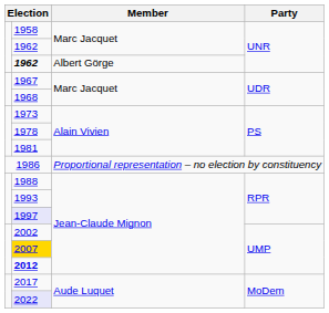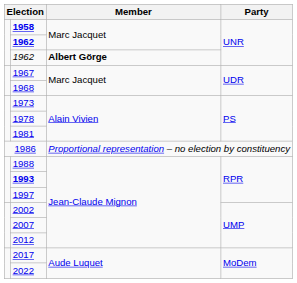 <table class="wikitable">
 <tr>
 <th colspan="2">Election</th>
 <th>Member</th>
 <th>Party</th>
 </tr>
 <tr>
 <td rowspan="3" style="color:inherit;background-color: "></td>
-<td><a href='#'>1958</a></td>
+<td><strong><a href='#'>1958</a></strong></td>
 <td rowspan="2">Marc Jacquet</td>
 <td rowspan="3"><a href='#'>UNR</a></td>
 </tr>
 <tr>
-<td><a href='#'>1962</a></td>
+<td><strong><a href='#'>1962</a></strong></td>
 </tr>
 <tr>
-<td><strong><em>1962</em></strong></td>
-<td>Albert Görge</td>
+<td><em>1962</em></td>
+<td><strong>Albert Görge</strong></td>
 </tr>
 <tr>
 <td rowspan="2" style="color:inherit;background-color: "></td>
 <td><a href='#'>1967</a></td>
 <td rowspan="2">Marc Jacquet</td>
 <td rowspan="2"><a href='#'>UDR</a></td>
 </tr>
 <tr>
 <td><a href='#'>1968</a></td>
 </tr>
 <tr>
 <td rowspan="3" style="color:inherit;background-color: "></td>
 <td><a href='#'>1973</a></td>
 <td rowspan="3"><a href='#'>Alain Vivien</a></td>
 <td rowspan="3"><a href='#'>PS</a></td>
 </tr>
 <tr>
 <td><a href='#'>1978</a></td>
 </tr>
 <tr>
 <td><a href='#'>1981</a></td>
 </tr>
 <tr>
 <td colspan="2" align="center"><a href='#'>1986</a></td>
 <td colspan="2"><em><a href='#'>Proportional representation</a> – no election by constituency</em></td>
 </tr>
 <tr>
 <td rowspan="3" style="color:inherit;background-color: "></td>
 <td><a href='#'>1988</a></td>
 <td rowspan="6"><a href='#'>Jean-Claude Mignon</a></td>
 <td rowspan="3"><a href='#'>RPR</a></td>
 </tr>
 <tr>
-<td><a href='#'>1993</a></td>
+<td><strong><a href='#'>1993</a></strong></td>
 </tr>
 <tr>
-<td style="background: lavender;"><a href='#'>1997</a></td>
+<td><a href='#'>1997</a></td>
 </tr>
 <tr>
 <td rowspan="3" style="color:inherit;background-color: "></td>
 <td><a href='#'>2002</a></td>
 <td rowspan="3"><a href='#'>UMP</a></td>
 </tr>
 <tr>
-<td style="background: gold;"><a href='#'>2007</a></td>
+<td><a href='#'>2007</a></td>
 </tr>
 <tr>
-<td><strong><a href='#'>2012</a></strong></td>
+<td><a href='#'>2012</a></td>
 </tr>
 <tr>
 <td rowspan="2" style="color:inherit;background-color: "></td>
 <td><a href='#'>2017</a></td>
 <td rowspan="2"><a href='#'>Aude Luquet</a></td>
 <td rowspan="2"><a href='#'>MoDem</a></td>
 </tr>
 <tr>
-<td style="background: lavender;"><a href='#'>2022</a></td>
+<td><a href='#'>2022</a></td>
 </tr>
 </table>
